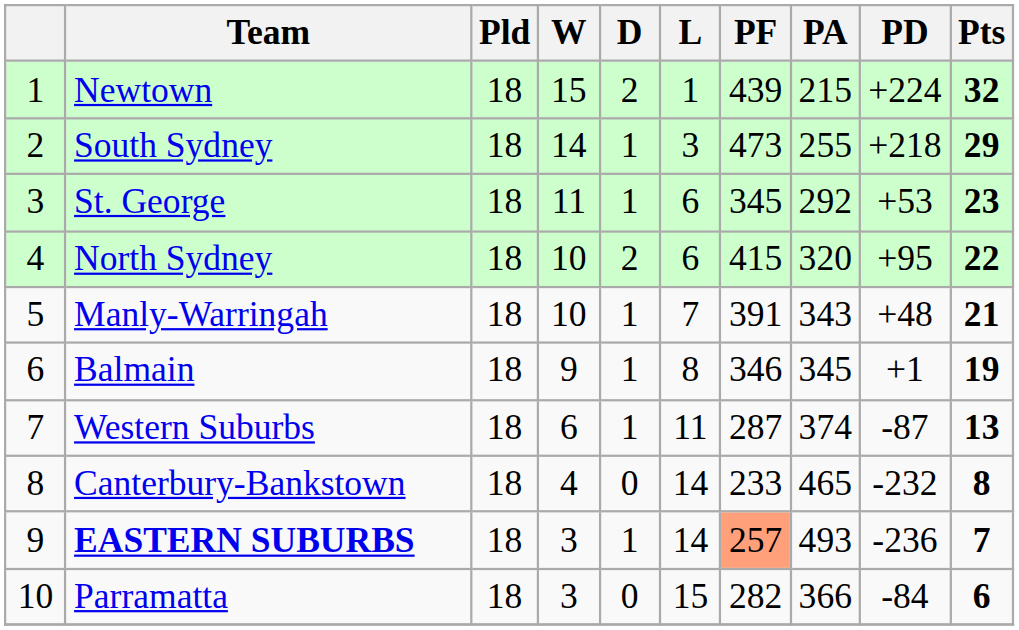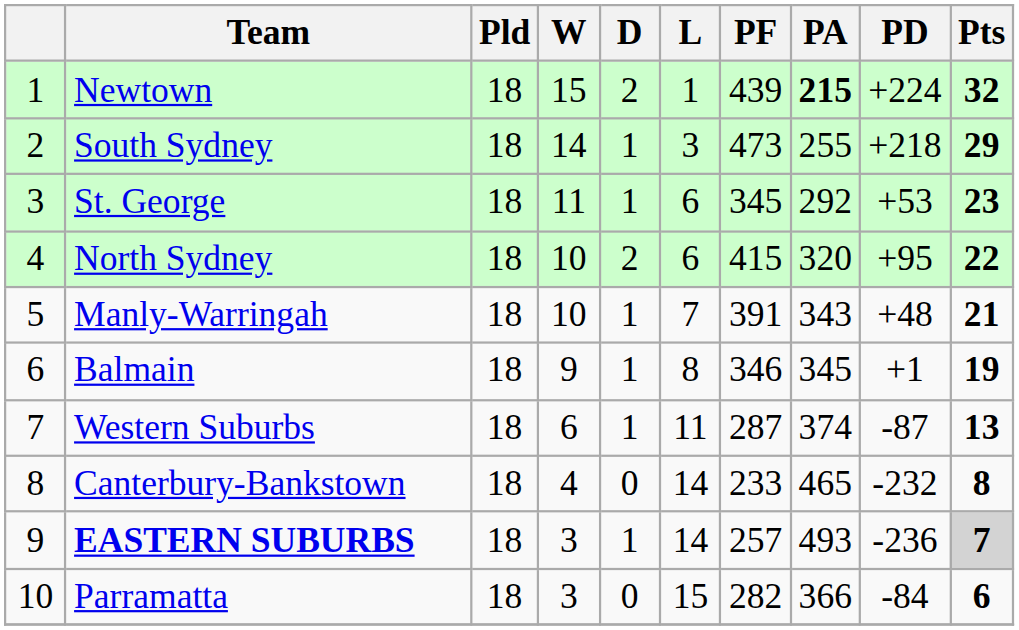 <table class="wikitable" style="text-align:center;">
 <tr>
 <th width=20 abbr="Position×"></th>
 <th width=175>Team</th>
 <th width=20 abbr="Played">Pld</th>
 <th width=20 abbr="Won">W</th>
 <th width=20 abbr="Drawn">D</th>
 <th width=20 abbr="Lost">L</th>
 <th width=20 abbr="Points for">PF</th>
 <th width=20 abbr="Points against">PA</th>
 <th width=20 abbr="Points difference">PD</th>
 <th width=20 abbr="Points">Pts</th>
 </tr>
 <tr style="background: #ccffcc;">
 <td>1</td>
 <td style="text-align:left;"> <a href='#'>Newtown</a></td>
 <td>18</td>
 <td>15</td>
 <td>2</td>
 <td>1</td>
 <td>439</td>
-<td>215</td>
+<td><strong>215</strong></td>
 <td>+224</td>
 <td><strong>32</strong></td>
 </tr>
 <tr style="background: #ccffcc;">
 <td>2</td>
 <td style="text-align:left;"> <a href='#'>South Sydney</a></td>
 <td>18</td>
 <td>14</td>
 <td>1</td>
 <td>3</td>
 <td>473</td>
 <td>255</td>
 <td>+218</td>
 <td><strong>29</strong></td>
 </tr>
 <tr style="background: #ccffcc;">
 <td>3</td>
 <td style="text-align:left;"> <a href='#'>St. George</a></td>
 <td>18</td>
 <td>11</td>
 <td>1</td>
 <td>6</td>
 <td>345</td>
 <td>292</td>
 <td>+53</td>
 <td><strong>23</strong></td>
 </tr>
 <tr style="background: #ccffcc;">
 <td>4</td>
 <td style="text-align:left;"> <a href='#'>North Sydney</a></td>
 <td>18</td>
 <td>10</td>
 <td>2</td>
 <td>6</td>
 <td>415</td>
 <td>320</td>
 <td>+95</td>
 <td><strong>22</strong></td>
 </tr>
 <tr>
 <td>5</td>
 <td style="text-align:left;"> <a href='#'>Manly-Warringah</a></td>
 <td>18</td>
 <td>10</td>
 <td>1</td>
 <td>7</td>
 <td>391</td>
 <td>343</td>
 <td>+48</td>
 <td><strong>21</strong></td>
 </tr>
 <tr>
 <td>6</td>
 <td style="text-align:left;"> <a href='#'>Balmain</a></td>
 <td>18</td>
 <td>9</td>
 <td>1</td>
 <td>8</td>
 <td>346</td>
 <td>345</td>
 <td>+1</td>
 <td><strong>19</strong></td>
 </tr>
 <tr>
 <td>7</td>
 <td style="text-align:left;"> <a href='#'>Western Suburbs</a></td>
 <td>18</td>
 <td>6</td>
 <td>1</td>
 <td>11</td>
 <td>287</td>
 <td>374</td>
 <td>-87</td>
 <td><strong>13</strong></td>
 </tr>
 <tr>
 <td>8</td>
 <td style="text-align:left;"> <a href='#'>Canterbury-Bankstown</a></td>
 <td>18</td>
 <td>4</td>
 <td>0</td>
 <td>14</td>
 <td>233</td>
 <td>465</td>
 <td>-232</td>
 <td><strong>8</strong></td>
 </tr>
 <tr>
 <td>9</td>
 <td style="text-align:left;"> <strong><a href='#'>EASTERN SUBURBS</a></strong></td>
 <td>18</td>
 <td>3</td>
 <td>1</td>
 <td>14</td>
-<td style="background: lightsalmon;">257</td>
+<td>257</td>
 <td>493</td>
 <td>-236</td>
-<td><strong>7</strong></td>
+<td style="background: lightgrey;"><strong>7</strong></td>
 </tr>
 <tr>
 <td>10</td>
 <td style="text-align:left;"> <a href='#'>Parramatta</a></td>
 <td>18</td>
 <td>3</td>
 <td>0</td>
 <td>15</td>
 <td>282</td>
 <td>366</td>
 <td>-84</td>
 <td><strong>6</strong></td>
 </tr>
 <tr>
 </tr>
 </table>
